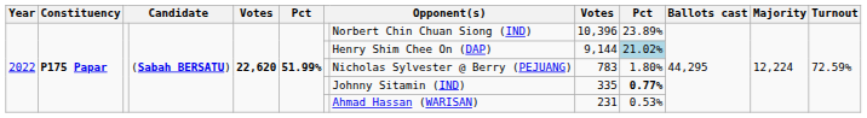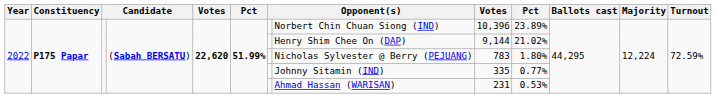 <table class="wikitable" style="margin:0.5em ; font-size:95%">
 <tr>
 <th>Year</th>
 <th>Constituency</th>
 <th colspan=2>Candidate</th>
 <th>Votes</th>
 <th>Pct</th>
 <th colspan=2>Opponent(s)</th>
 <th>Votes</th>
 <th>Pct</th>
 <th>Ballots cast</th>
 <th>Majority</th>
 <th>Turnout</th>
 </tr>
 <tr>
 <td rowspan=5><a href='#'>2022</a></td>
 <td rowspan=5><strong>P175 <a href='#'>Papar</a></strong></td>
 <td rowspan=5 ></td>
 <td rowspan=5><strong></strong> (<a href='#'><strong>Sabah BERSATU</strong></a>)</td>
 <td rowspan=5 align="right"><strong>22,620</strong></td>
 <td rowspan=5><strong>51.99%</strong></td>
 <td></td>
 <td>Norbert Chin Chuan Siong (<a href='#'>IND</a>)</td>
 <td align="right">10,396</td>
 <td>23.89%</td>
 <td rowspan=5>44,295</td>
 <td rowspan=5>12,224</td>
 <td rowspan=5>72.59%</td>
 </tr>
 <tr>
 <td></td>
 <td>Henry Shim Chee On (<a href='#'>DAP</a>)</td>
 <td align="right">9,144</td>
-<td style="background: lightblue;">21.02%</td>
+<td>21.02%</td>
 </tr>
 <tr>
 <td></td>
 <td>Nicholas Sylvester @ Berry (<a href='#'>PEJUANG</a>)</td>
 <td align="right">783</td>
 <td align="right">1.80%</td>
 </tr>
 <tr>
 <td></td>
 <td>Johnny Sitamin (<a href='#'>IND</a>)</td>
 <td align="right">335</td>
-<td align="right"><strong>0.77%</strong></td>
+<td align="right">0.77%</td>
 </tr>
 <tr>
 <td></td>
 <td><a href='#'>Ahmad Hassan</a> (<a href='#'>WARISAN</a>)</td>
 <td align="right">231</td>
 <td align="right">0.53%</td>
 </tr>
 </table>
